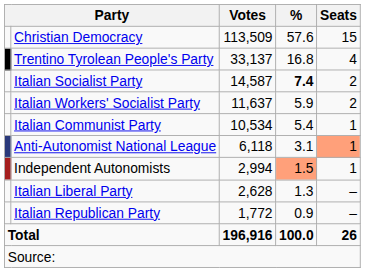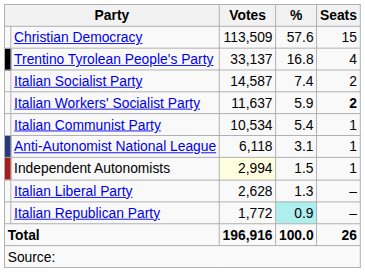 <table class="wikitable" style="font-size:95%; text-align:right;">
 <tr>
 <th colspan=2>Party</th>
 <th>Votes</th>
 <th>%</th>
 <th>Seats</th>
 </tr>
 <tr>
 <td style="background:"></td>
 <td align=left><a href='#'>Christian Democracy</a></td>
 <td>113,509</td>
 <td>57.6</td>
 <td>15</td>
 </tr>
 <tr>
 <td style="background:black"></td>
 <td align=left><a href='#'>Trentino Tyrolean People's Party</a></td>
 <td>33,137</td>
 <td>16.8</td>
 <td>4</td>
 </tr>
 <tr>
 <td style="background:"></td>
 <td align=left><a href='#'>Italian Socialist Party</a></td>
 <td>14,587</td>
-<td><strong>7.4</strong></td>
+<td>7.4</td>
 <td>2</td>
 </tr>
 <tr>
 <td style="background:"></td>
 <td align=left><a href='#'>Italian Workers' Socialist Party</a></td>
 <td>11,637</td>
 <td>5.9</td>
-<td>2</td>
+<td><strong>2</strong></td>
 </tr>
 <tr>
 <td style="background:"></td>
 <td align=left><a href='#'>Italian Communist Party</a></td>
 <td>10,534</td>
 <td>5.4</td>
 <td>1</td>
 </tr>
 <tr>
 <td style="background:#2A397B"></td>
 <td align=left><a href='#'>Anti-Autonomist National League</a></td>
 <td>6,118</td>
 <td>3.1</td>
-<td style="background: lightsalmon;">1</td>
+<td>1</td>
 </tr>
 <tr>
 <td style="background:#A51E1E"></td>
 <td align=left>Independent Autonomists</td>
-<td>2,994</td>
-<td style="background: lightsalmon;">1.5</td>
+<td style="background: lightyellow;">2,994</td>
+<td>1.5</td>
 <td>1</td>
 </tr>
 <tr>
 <td style="background:"></td>
 <td align=left><a href='#'>Italian Liberal Party</a></td>
 <td>2,628</td>
 <td>1.3</td>
 <td>–</td>
 </tr>
 <tr>
 <td style="background:"></td>
 <td align=left><a href='#'>Italian Republican Party</a></td>
 <td>1,772</td>
-<td>0.9</td>
+<td style="background: paleturquoise;">0.9</td>
 <td>–</td>
 </tr>
 <tr>
 <td colspan=2 align=left><strong>Total</strong></td>
 <td><strong>196,916</strong></td>
 <td><strong>100.0</strong></td>
 <td><strong>26</strong></td>
 </tr>
 <tr>
 <td colspan=5 align=left>Source:  </td>
 </tr>
 </table>
